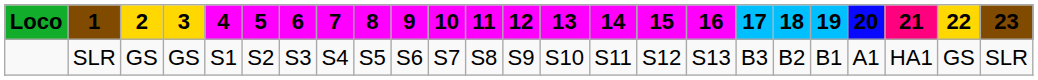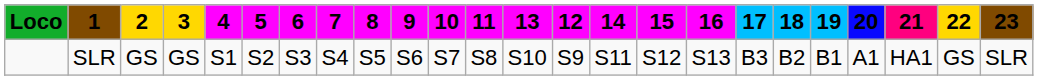 <table class="wikitable plainrowheaders unsortable" style="text-align:center">
 <tr>
 <th rowspan="1" scope="col" style="background:#12ad2b;"><span>Loco</span></th>
 <th rowspan="1" scope="col" style="background:#804a00;"><span>1</span></th>
 <th rowspan="1" scope="col" style="background:#ffd801;">2</th>
 <th rowspan="1" scope="col" style="background:#ffd801;">3</th>
 <th rowspan="1" scope="col" style="background:#ff00ff;">4</th>
 <th rowspan="1" scope="col" style="background:#ff00ff;">5</th>
 <th rowspan="1" scope="col" style="background:#ff00ff;">6</th>
 <th rowspan="1" scope="col" style="background:#ff00ff;">7</th>
 <th rowspan="1" scope="col" style="background:#ff00ff;">8</th>
 <th rowspan="1" scope="col" style="background:#ff00ff;">9</th>
 <th rowspan="1" scope="col" style="background:#ff00ff;">10</th>
 <th rowspan="1" scope="col" style="background:#ff00ff;">11</th>
+<th rowspan="1" scope="col" style="background:#ff00ff;">13</th>
 <th rowspan="1" scope="col" style="background:#ff00ff;">12</th>
-<th rowspan="1" scope="col" style="background:#ff00ff;">13</th>
 <th rowspan="1" scope="col" style="background:#ff00ff;">14</th>
 <th rowspan="1" scope="col" style="background:#ff00ff;">15</th>
 <th rowspan="1" scope="col" style="background:#ff00ff">16</th>
 <th rowspan="1" scope="col" style="background:#00bfff">17</th>
 <th rowspan="1" scope="col" style="background:#00bfff">18</th>
 <th rowspan="1" scope="col" style="background:#00bfff;">19</th>
 <th rowspan="1" scope="col" style="background:#0909ff;"><span>20</span></th>
 <th rowspan="1" scope="col" style="background:#ff007f;"><span>21</span></th>
 <th rowspan="1" scope="col" style="background:#ffd801;">22</th>
 <th rowspan="1" scope="col" style="background:#804a00;"><span>23</span></th>
 </tr>
 <tr>
 <td><strong></strong></td>
 <td>SLR</td>
 <td>GS</td>
 <td>GS</td>
 <td>S1</td>
 <td>S2</td>
 <td>S3</td>
 <td>S4</td>
 <td>S5</td>
 <td>S6</td>
 <td>S7</td>
 <td>S8</td>
+<td>S10</td>
 <td>S9</td>
-<td>S10</td>
 <td>S11</td>
 <td>S12</td>
 <td>S13</td>
 <td>B3</td>
 <td>B2</td>
 <td>B1</td>
 <td>A1</td>
 <td>HA1</td>
 <td>GS</td>
 <td>SLR</td>
 </tr>
 </table>
